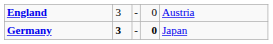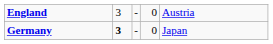 <table class="wikitable">
 <tr>
 <td width=150> <strong><a href='#'>England</a></strong></td>
 <td style="width:20px; text-align:left;">3</td>
 <td>-</td>
 <td style="width:20px; text-align:right;">0</td>
 <td width=150> <a href='#'>Austria</a></td>
 </tr>
 <tr>
 <td> <strong><a href='#'>Germany</a></strong></td>
 <td style="text-align:left;"><strong>3</strong></td>
 <td>-</td>
-<td style="text-align:right;"><strong>0</strong></td>
+<td style="text-align:right;">0</td>
 <td> <a href='#'>Japan</a></td>
 </tr>
 </table>
